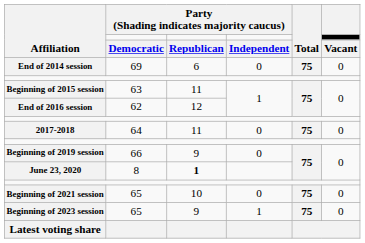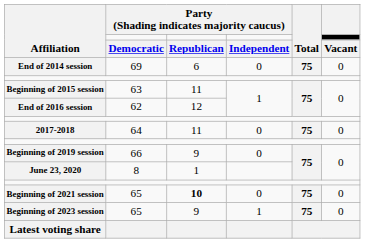 <table class=wikitable style="text-align:center">
 <tr style="vertical-align:bottom;">
 <th rowspan=3>Affiliation</th>
 <th colspan=3>Party <div>(Shading indicates majority caucus)</div></th>
 <th rowspan=3>Total</th>
 <th colspan=2></th>
 </tr>
 <tr style="height:5px">
 <td style="background-color:"></td>
 <td style="background-color:"></td>
 <td style="background-color:"></td>
 <td style="background:black"></td>
 </tr>
 <tr>
 <th><a href='#'>Democratic</a></th>
 <th><a href='#'>Republican</a></th>
 <th><a href='#'>Independent</a></th>
 <th>Vacant</th>
 </tr>
 <tr>
 <th nowrap style="font-size:80%">End of 2014 session</th>
 <td>69</td>
 <td>6</td>
 <td>0</td>
 <th>75</th>
 <td>0</td>
 </tr>
 <tr>
 <td colspan=6></td>
 </tr>
 <tr>
 <th nowrap style="font-size:80%">Beginning of 2015 session</th>
 <td>63</td>
 <td>11</td>
 <td rowspan=2>1</td>
 <th rowspan=2>75</th>
 <td rowspan=2>0</td>
 </tr>
 <tr>
 <th nowrap style="font-size:80%">End of 2016 session</th>
 <td>62</td>
 <td>12</td>
 </tr>
 <tr>
 <td colspan=6></td>
 </tr>
 <tr>
 <th nowrap style="font-size:80%">2017-2018</th>
 <td>64</td>
 <td>11</td>
 <td>0</td>
 <th>75</th>
 <td>0</td>
 </tr>
 <tr>
 <td colspan=6></td>
 </tr>
 <tr>
 <th nowrap style="font-size:80%">Beginning of 2019 session</th>
 <td>66</td>
 <td>9</td>
 <td>0</td>
 <th rowspan=2>75</th>
 <td rowspan=2>0</td>
 </tr>
 <tr>
 <th nowrap style="font-size:80%">June 23, 2020</th>
 <td>8</td>
-<td><strong>1</strong></td>
+<td>1</td>
 </tr>
 <tr>
 <td colspan=6></td>
 </tr>
 <tr>
 <th nowrap style="font-size:80%">Beginning of 2021 session</th>
 <td>65</td>
-<td>10</td>
+<td><strong>10</strong></td>
 <td>0</td>
 <th>75</th>
 <td>0</td>
 </tr>
 <tr>
 <th nowrap style="font-size:80%">Beginning of 2023 session</th>
 <td>65</td>
 <td>9</td>
 <td>1</td>
 <th>75</th>
 <td>0</td>
 </tr>
 <tr>
 <th>Latest voting share</th>
 <th></th>
 <th></th>
 <th></th>
 <th colspan=2></th>
 </tr>
 </table>
